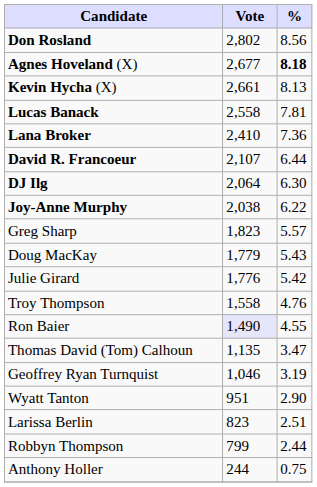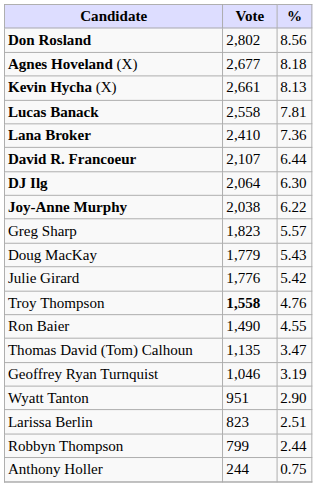 <table class="wikitable">
 <tr>
 <th style="background:#ddf; width:225px;">Candidate</th>
 <th style="background:#ddf; width:50px;">Vote</th>
 <th style="background:#ddf; width:30px;">%</th>
 </tr>
 <tr>
 <td><strong>Don Rosland</strong></td>
 <td>2,802</td>
 <td>8.56</td>
 </tr>
 <tr>
 <td><strong>Agnes Hoveland</strong> (X)</td>
 <td>2,677</td>
-<td><strong>8.18</strong></td>
+<td>8.18</td>
 </tr>
 <tr>
 <td><strong>Kevin Hycha</strong> (X)</td>
 <td>2,661</td>
 <td>8.13</td>
 </tr>
 <tr>
 <td><strong>Lucas Banack</strong></td>
 <td>2,558</td>
 <td>7.81</td>
 </tr>
 <tr>
 <td><strong>Lana Broker</strong></td>
 <td>2,410</td>
 <td>7.36</td>
 </tr>
 <tr>
 <td><strong>David R. Francoeur</strong></td>
 <td>2,107</td>
 <td>6.44</td>
 </tr>
 <tr>
 <td><strong>DJ Ilg</strong></td>
 <td>2,064</td>
 <td>6.30</td>
 </tr>
 <tr>
 <td><strong>Joy-Anne Murphy</strong></td>
 <td>2,038</td>
 <td>6.22</td>
 </tr>
 <tr>
 <td>Greg Sharp</td>
 <td>1,823</td>
 <td>5.57</td>
 </tr>
 <tr>
 <td>Doug MacKay</td>
 <td>1,779</td>
 <td>5.43</td>
 </tr>
 <tr>
 <td>Julie Girard</td>
 <td>1,776</td>
 <td>5.42</td>
 </tr>
 <tr>
 <td>Troy Thompson</td>
-<td>1,558</td>
+<td><strong>1,558</strong></td>
 <td>4.76</td>
 </tr>
 <tr>
 <td>Ron Baier</td>
-<td style="background: lavender;">1,490</td>
+<td>1,490</td>
 <td>4.55</td>
 </tr>
 <tr>
 <td>Thomas David (Tom) Calhoun</td>
 <td>1,135</td>
 <td>3.47</td>
 </tr>
 <tr>
 <td>Geoffrey Ryan Turnquist</td>
 <td>1,046</td>
 <td>3.19</td>
 </tr>
 <tr>
 <td>Wyatt Tanton</td>
 <td>951</td>
 <td>2.90</td>
 </tr>
 <tr>
 <td>Larissa Berlin</td>
 <td>823</td>
 <td>2.51</td>
 </tr>
 <tr>
 <td>Robbyn Thompson</td>
 <td>799</td>
 <td>2.44</td>
 </tr>
 <tr>
 <td>Anthony Holler</td>
 <td>244</td>
 <td>0.75</td>
 </tr>
 <tr>
 </tr>
 </table>
